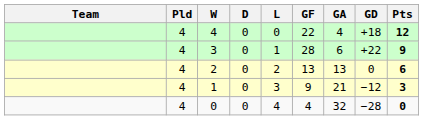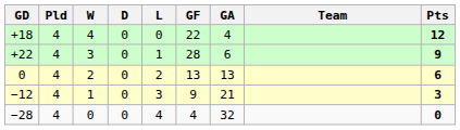 <table class=wikitable style="text-align:center">
 <tr>
-<th width="180">Team</th>
+<th width="30">GD</th>
 <th width="30">Pld</th>
 <th width="30">W</th>
 <th width="30">D</th>
 <th width="30">L</th>
 <th width="30">GF</th>
 <th width="30">GA</th>
-<th width="30">GD</th>
+<th width="180">Team</th>
 <th width="30">Pts</th>
 </tr>
 <tr bgcolor=ccffcc>
-<td align=left></td>
+<td>+18</td>
 <td>4</td>
 <td>4</td>
 <td>0</td>
 <td>0</td>
 <td>22</td>
 <td>4</td>
-<td>+18</td>
+<td align=left></td>
 <td><strong>12</strong></td>
 </tr>
 <tr bgcolor=ccffcc>
-<td align=left></td>
+<td>+22</td>
 <td>4</td>
 <td>3</td>
 <td>0</td>
 <td>1</td>
 <td>28</td>
 <td>6</td>
-<td>+22</td>
+<td align=left></td>
 <td><strong>9</strong></td>
 </tr>
 <tr bgcolor="#ffffcc">
-<td align=left></td>
+<td>0</td>
 <td>4</td>
 <td>2</td>
 <td>0</td>
 <td>2</td>
 <td>13</td>
 <td>13</td>
-<td>0</td>
+<td align=left></td>
 <td><strong>6</strong></td>
 </tr>
 <tr bgcolor="#ffffcc">
-<td align=left></td>
+<td>−12</td>
 <td>4</td>
 <td>1</td>
 <td>0</td>
 <td>3</td>
 <td>9</td>
 <td>21</td>
-<td>−12</td>
+<td align=left></td>
 <td><strong>3</strong></td>
 </tr>
 <tr>
-<td align=left></td>
+<td>−28</td>
 <td>4</td>
 <td>0</td>
 <td>0</td>
 <td>4</td>
 <td>4</td>
 <td>32</td>
-<td>−28</td>
+<td align=left></td>
 <td><strong>0</strong></td>
 </tr>
 </table>
